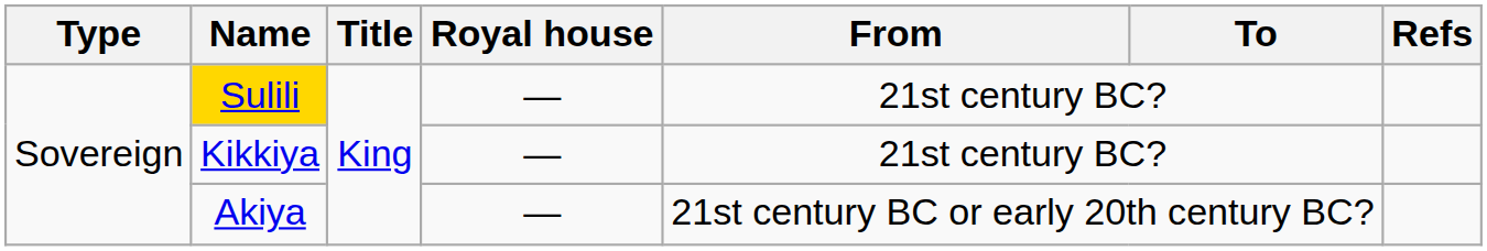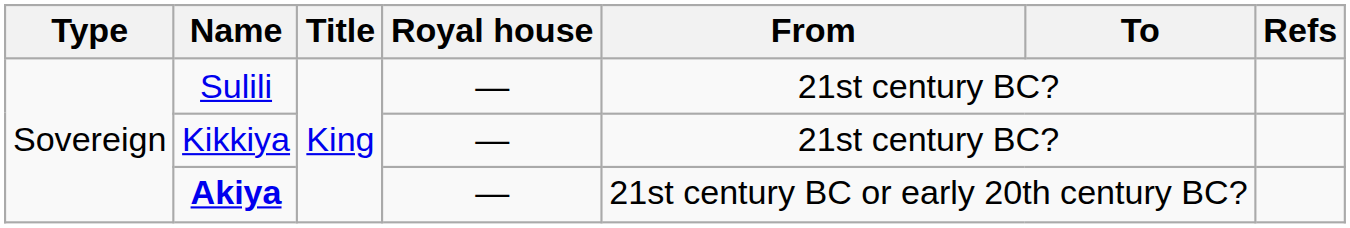 <table style="text-align:center;" class="wikitable">
 <tr>
 <th>Type</th>
 <th>Name</th>
 <th>Title</th>
 <th>Royal house</th>
 <th>From</th>
 <th>To</th>
 <th>Refs</th>
 </tr>
 <tr>
 <td rowspan="3">Sovereign</td>
-<td style="background: gold;"><a href='#'>Sulili</a></td>
+<td><a href='#'>Sulili</a></td>
 <td rowspan="3"><a href='#'>King</a></td>
 <td>—</td>
 <td colspan="2">21st century BC?</td>
 <td></td>
 </tr>
 <tr>
 <td><a href='#'>Kikkiya</a></td>
 <td>—</td>
 <td colspan="2">21st century BC?</td>
 <td></td>
 </tr>
 <tr>
-<td><a href='#'>Akiya</a></td>
+<td><strong><a href='#'>Akiya</a></strong></td>
 <td>—</td>
 <td colspan="2">21st century BC or early 20th century BC?</td>
 <td></td>
 </tr>
 </table>
